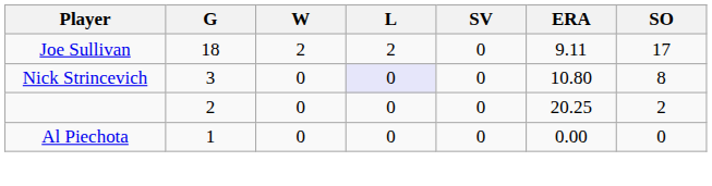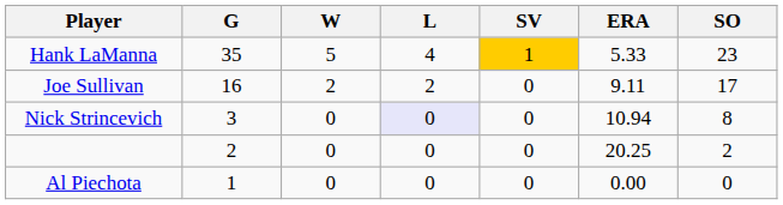 <table class="wikitable sortable">
 <tr>
 <th bgcolor="#DDDDFF" width="16%">Player</th>
 <th bgcolor="#DDDDFF" width="9%">G</th>
 <th bgcolor="#DDDDFF" width="9%">W</th>
 <th bgcolor="#DDDDFF" width="9%">L</th>
 <th bgcolor="#DDDDFF" width="9%">SV</th>
 <th bgcolor="#DDDDFF" width="9%">ERA</th>
 <th bgcolor="#DDDDFF" width="9%">SO</th>
 </tr>
 <tr align="center">
+<td><a href='#'>Hank LaManna</a></td>
+<td>35</td>
+<td>5</td>
+<td>4</td>
+<td style="background:#fc0;">1</td>
+<td>5.33</td>
+<td>23</td>
+</tr>
+<tr align="center">
 <td><a href='#'>Joe Sullivan</a></td>
-<td>18</td>
+<td>16</td>
 <td>2</td>
 <td>2</td>
 <td>0</td>
 <td>9.11</td>
 <td>17</td>
 </tr>
 <tr align="center">
 <td><a href='#'>Nick Strincevich</a></td>
 <td>3</td>
 <td>0</td>
 <td style="background: lavender;">0</td>
 <td>0</td>
-<td>10.80</td>
+<td>10.94</td>
 <td>8</td>
 </tr>
 <tr align="center">
 <td></td>
 <td>2</td>
 <td>0</td>
 <td>0</td>
 <td>0</td>
 <td>20.25</td>
 <td>2</td>
 </tr>
 <tr align="center">
 <td><a href='#'>Al Piechota</a></td>
 <td>1</td>
 <td>0</td>
 <td>0</td>
 <td>0</td>
 <td>0.00</td>
 <td>0</td>
 </tr>
 </table>
